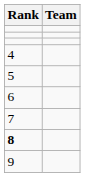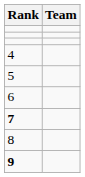 <table class="wikitable">
 <tr>
 <th>Rank</th>
 <th>Team</th>
 </tr>
 <tr>
 <td></td>
 <td></td>
 </tr>
 <tr>
 <td></td>
 <td></td>
 </tr>
 <tr>
 <td></td>
 <td></td>
 </tr>
 <tr>
 <td>4</td>
 <td></td>
 </tr>
 <tr>
 <td>5</td>
 <td></td>
 </tr>
 <tr>
 <td>6</td>
 <td></td>
 </tr>
 <tr>
-<td>7</td>
+<td><strong>7</strong></td>
 <td></td>
 </tr>
 <tr>
-<td><strong>8</strong></td>
+<td>8</td>
 <td></td>
 </tr>
 <tr>
-<td>9</td>
+<td><strong>9</strong></td>
 <td></td>
 </tr>
 </table>
